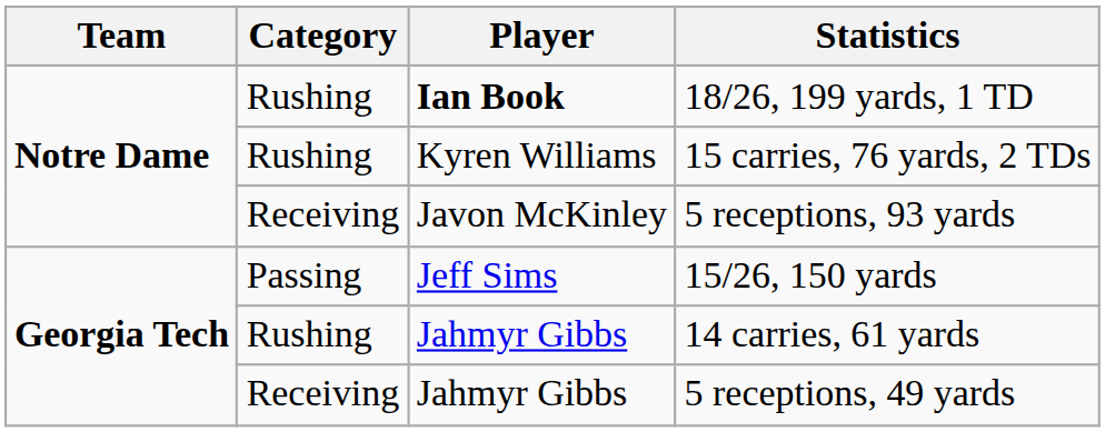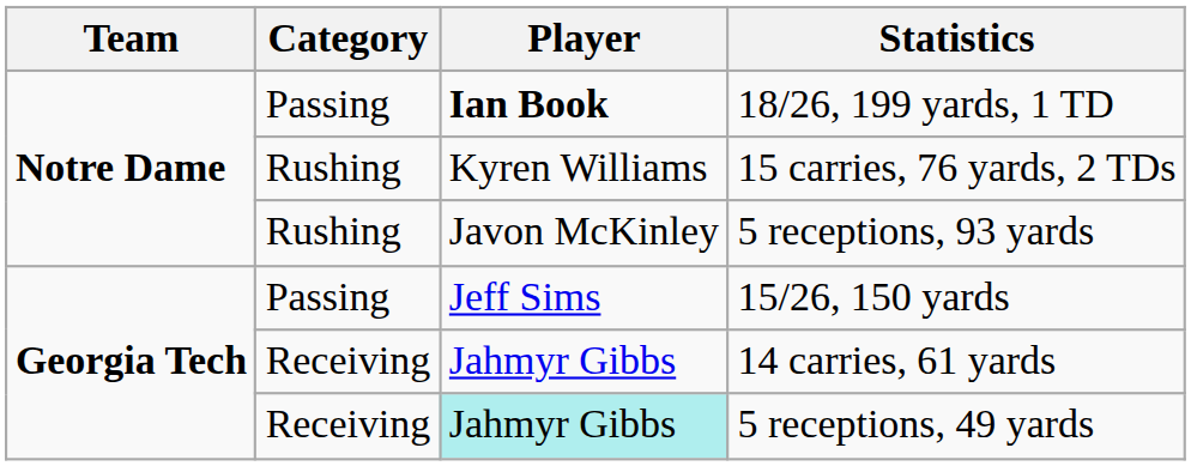 <table class="wikitable" style="float: left;">
 <tr>
 <th>Team</th>
 <th>Category</th>
 <th>Player</th>
 <th>Statistics</th>
 </tr>
 <tr>
 <td rowspan=3><strong>Notre Dame</strong></td>
-<td>Rushing</td>
+<td>Passing</td>
 <td><strong>Ian Book</strong></td>
 <td>18/26, 199 yards, 1 TD</td>
 </tr>
 <tr>
 <td>Rushing</td>
 <td>Kyren Williams</td>
 <td>15 carries, 76 yards, 2 TDs</td>
 </tr>
 <tr>
-<td>Receiving</td>
+<td>Rushing</td>
 <td>Javon McKinley</td>
 <td>5 receptions, 93 yards</td>
 </tr>
 <tr>
 <td rowspan=3><strong>Georgia Tech</strong></td>
 <td>Passing</td>
 <td><a href='#'>Jeff Sims</a></td>
 <td>15/26, 150 yards</td>
 </tr>
 <tr>
-<td>Rushing</td>
+<td>Receiving</td>
 <td><a href='#'>Jahmyr Gibbs</a></td>
 <td>14 carries, 61 yards</td>
 </tr>
 <tr>
 <td>Receiving</td>
-<td>Jahmyr Gibbs</td>
+<td style="background: paleturquoise;">Jahmyr Gibbs</td>
 <td>5 receptions, 49 yards</td>
 </tr>
 </table>
